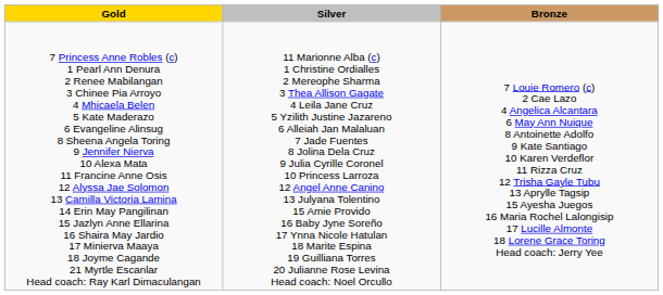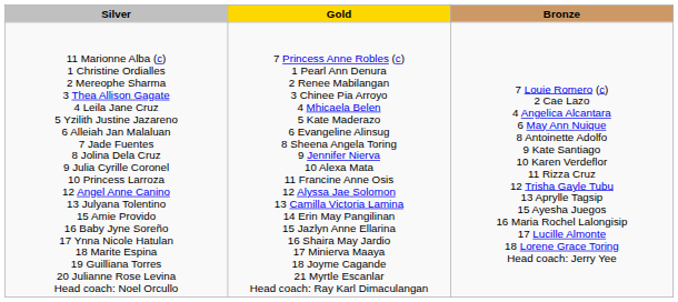 <table class="wikitable" style="text-align:center; font-size:90%">
 <tr>
+<th style="width:20em; background:silver">Silver</th>
 <th style="width:20em; background:gold">Gold</th>
-<th style="width:20em; background:silver">Silver</th>
 <th style="width:20em; background:#cc9966">Bronze</th>
 </tr>
 <tr>
+<td><big></big><br><br>11 Marionne Alba (<a href='#'>c</a>)<br> 1 Christine Ordialles <br> 2 Mereophe Sharma<br> 3 <a href='#'>Thea Allison Gagate</a><br> 4 Leila Jane Cruz<br> 5 Yzilith Justine Jazareno <br> 6 Alleiah Jan Malaluan<br> 7 Jade Fuentes <br> 8 Jolina Dela Cruz <br> 9 Julia Cyrille Coronel<br> 10 Princess Larroza<br> 12 <a href='#'>Angel Anne Canino</a><br> 13 Julyana Tolentino <br> 15 Amie Provido <br> 16 Baby Jyne Soreño<br> 17 Ynna Nicole Hatulan<br> 18 Marite Espina<br> 19 Guilliana Torres<br> 20 Julianne Rose Levina<br>Head coach: Noel Orcullo</td>
 <td><big><strong></strong></big><br><br>7 <a href='#'>Princess Anne Robles</a> (<a href='#'>c</a>)<br> 1 Pearl Ann Denura <br> 2 Renee Mabilangan <br> 3 Chinee Pia Arroyo <br> 4 <a href='#'>Mhicaela Belen</a><br> 5 Kate Maderazo <br> 6 Evangeline Alinsug<br> 8 Sheena Angela Toring<br> 9 <a href='#'>Jennifer Nierva</a><br> 10 Alexa Mata <br> 11 Francine Anne Osis<br> 12 <a href='#'>Alyssa Jae Solomon</a><br> 13 <a href='#'>Camilla Victoria Lamina</a><br> 14 Erin May Pangilinan<br> 15 Jazlyn Anne Ellarina<br> 16 Shaira May Jardio<br> 17 Minierva Maaya<br> 18 Joyme Cagande<br> 21 Myrtle Escanlar<br>Head coach: Ray Karl Dimaculangan</td>
-<td><big></big><br><br>11 Marionne Alba (<a href='#'>c</a>)<br> 1 Christine Ordialles <br> 2 Mereophe Sharma<br> 3 <a href='#'>Thea Allison Gagate</a><br> 4 Leila Jane Cruz<br> 5 Yzilith Justine Jazareno <br> 6 Alleiah Jan Malaluan<br> 7 Jade Fuentes <br> 8 Jolina Dela Cruz <br> 9 Julia Cyrille Coronel<br> 10 Princess Larroza<br> 12 <a href='#'>Angel Anne Canino</a><br> 13 Julyana Tolentino <br> 15 Amie Provido <br> 16 Baby Jyne Soreño<br> 17 Ynna Nicole Hatulan<br> 18 Marite Espina<br> 19 Guilliana Torres<br> 20 Julianne Rose Levina<br>Head coach: Noel Orcullo</td>
 <td><big></big><br><br>7 <a href='#'>Louie Romero</a> (<a href='#'>c</a>)<br> 2 Cae Lazo<br> 4 <a href='#'>Angelica Alcantara</a><br> 6 <a href='#'>May Ann Nuique</a><br> 8 Antoinette Adolfo<br> 9 Kate Santiago<br> 10 Karen Verdeflor<br> 11 Rizza Cruz<br> 12 <a href='#'>Trisha Gayle Tubu</a><br> 13 Aprylle Tagsip<br> 15 Ayesha Juegos<br> 16 Maria Rochel Lalongisip<br> 17 <a href='#'>Lucille Almonte</a><br> 18 <a href='#'>Lorene Grace Toring</a><br>Head coach: Jerry Yee</td>
 </tr>
 </table>
